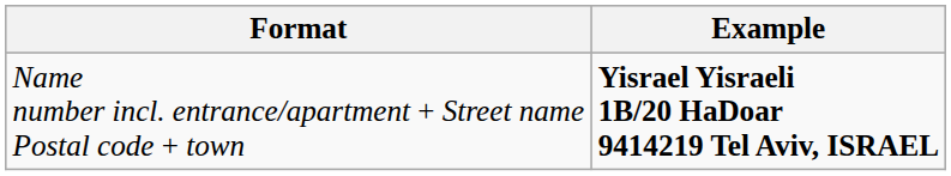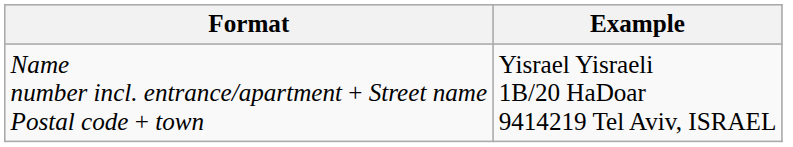 <table class="wikitable">
 <tr>
 <th>Format</th>
 <th>Example</th>
 </tr>
 <tr>
 <td><em>Name</em><br><em>number incl. entrance/apartment</em> + <em>Street name</em>  <br><em>Postal code</em> + <em>town</em></td>
-<td><strong>Yisrael Yisraeli<br>1B/20 HaDoar<br>9414219 Tel Aviv, ISRAEL</strong></td>
+<td>Yisrael Yisraeli<br>1B/20 HaDoar<br>9414219 Tel Aviv, ISRAEL</td>
 </tr>
 </table>
